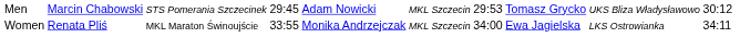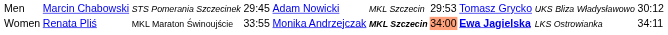 <table>
 <tr>
 <td>Men</td>
 <td><a href='#'>Marcin Chabowski</a></td>
 <td><small><em>STS Pomerania Szczecinek</em></small></td>
 <td>29:45</td>
 <td><a href='#'>Adam Nowicki</a></td>
 <td><small><em>MKL Szczecin</em></small></td>
 <td>29:53</td>
 <td><a href='#'>Tomasz Grycko</a></td>
 <td><small><em>UKS Bliza Władysławowo</em></small></td>
 <td>30:12</td>
 </tr>
 <tr>
 <td>Women</td>
 <td><a href='#'>Renata Pliś</a></td>
 <td><small>MKL Maraton Świnoujście</small></td>
 <td>33:55</td>
 <td><a href='#'>Monika Andrzejczak</a></td>
-<td><small><em>MKL Szczecin</em></small></td>
-<td>34:00</td>
-<td><a href='#'>Ewa Jagielska</a></td>
+<td><strong><small><em>MKL Szczecin</em></small></strong></td>
+<td style="background: lightsalmon;">34:00</td>
+<td><strong><a href='#'>Ewa Jagielska</a></strong></td>
 <td><small><em>LKS Ostrowianka</em></small></td>
 <td>34:11</td>
 </tr>
 </table>
